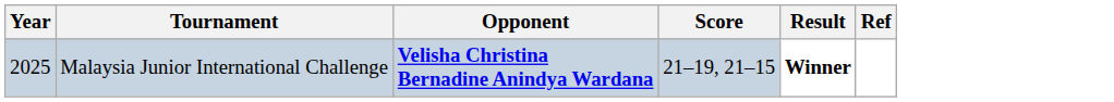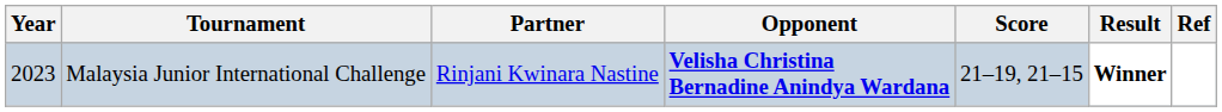 <table class="sortable wikitable" style="font-size: 90%">
 <tr>
 <th>Year</th>
 <th>Tournament</th>
+<th>Partner</th>
 <th>Opponent</th>
 <th>Score</th>
 <th>Result</th>
 <th>Ref</th>
 </tr>
 <tr style="background:#C6D4E1">
-<td align="center">2025</td>
+<td align="center">2023</td>
 <td align="left">Malaysia Junior International Challenge</td>
+<td align="left"> <a href='#'>Rinjani Kwinara Nastine</a></td>
 <td align="left"><strong> <a href='#'>Velisha Christina</a><br> <a href='#'>Bernadine Anindya Wardana</a></strong></td>
 <td align="left">21–19, 21–15</td>
 <td style="text-align:left; background:white"> <strong>Winner</strong></td>
 <td style="text-align:center; background:white"></td>
 </tr>
 </table>
